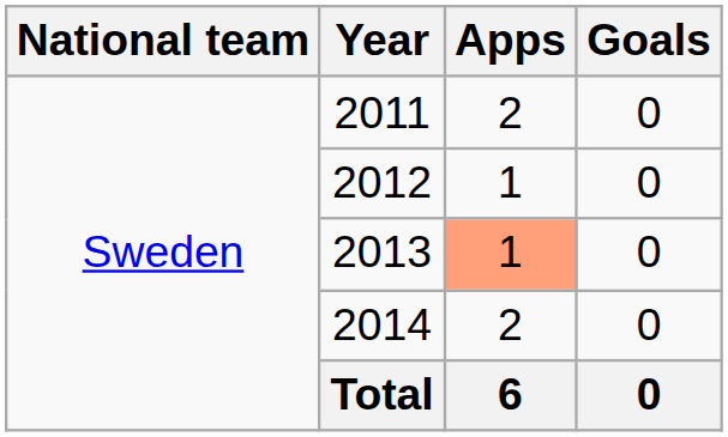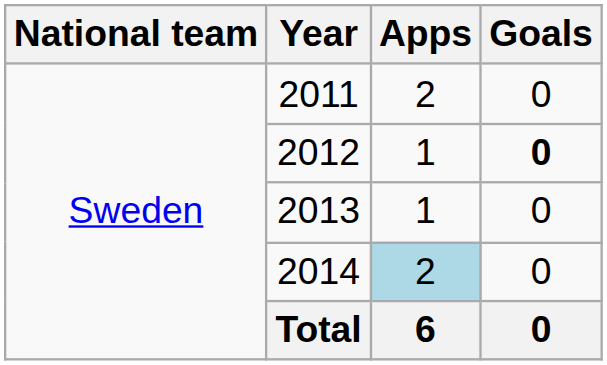 <table class="wikitable" style="text-align:center">
 <tr>
 <th>National team</th>
 <th>Year</th>
 <th>Apps</th>
 <th>Goals</th>
 </tr>
 <tr>
 <td rowspan="5"><a href='#'>Sweden</a></td>
 <td>2011</td>
 <td>2</td>
 <td>0</td>
 </tr>
 <tr>
 <td>2012</td>
 <td>1</td>
-<td>0</td>
+<td><strong>0</strong></td>
 </tr>
 <tr>
 <td>2013</td>
-<td style="background: lightsalmon;">1</td>
+<td>1</td>
 <td>0</td>
 </tr>
 <tr>
 <td>2014</td>
-<td>2</td>
+<td style="background: lightblue;">2</td>
 <td>0</td>
 </tr>
 <tr>
 <th>Total</th>
 <th>6</th>
 <th>0</th>
 </tr>
 </table>
